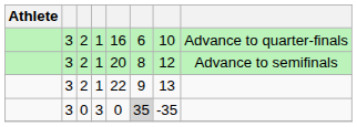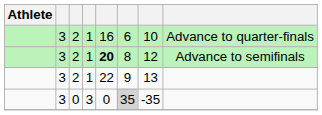 <table class=wikitable style="text-align:center">
 <tr>
 <th>Athlete</th>
 <th></th>
 <th></th>
 <th></th>
 <th></th>
 <th></th>
 <th></th>
 <th></th>
 </tr>
 <tr bgcolor=bbf3bb>
 <td style="text-align:left"></td>
 <td>3</td>
 <td>2</td>
 <td>1</td>
 <td>16</td>
 <td>6</td>
 <td>10</td>
 <td>Advance to quarter-finals</td>
 </tr>
 <tr bgcolor=bbf3bb>
 <td style="text-align:left"></td>
 <td>3</td>
 <td>2</td>
 <td>1</td>
-<td>20</td>
+<td><strong>20</strong></td>
 <td>8</td>
 <td>12</td>
 <td>Advance to semifinals</td>
 </tr>
 <tr>
 <td style="text-align:left"></td>
 <td>3</td>
 <td>2</td>
 <td>1</td>
 <td>22</td>
 <td>9</td>
 <td>13</td>
 <td></td>
 </tr>
 <tr>
 <td style="text-align:left"></td>
 <td>3</td>
 <td>0</td>
 <td>3</td>
 <td>0</td>
 <td style="background: lightgrey;">35</td>
 <td>-35</td>
 <td></td>
 </tr>
 <tr>
 </tr>
 </table>
